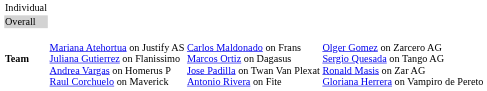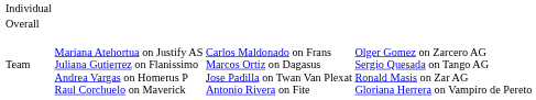 <table>
 <tr>
 <td>Individual</td>
 <td></td>
 <td></td>
 <td></td>
 </tr>
 <tr>
-<td style="background: lightgrey;">Overall</td>
+<td>Overall</td>
 <td></td>
 <td></td>
 <td></td>
 </tr>
 <tr>
-<td><strong>Team</strong></td>
+<td>Team</td>
 <td><br><a href='#'>Mariana Atehortua</a> on Justify AS<br><a href='#'>Juliana Gutierrez</a> on Flanissimo<br><a href='#'>Andrea Vargas</a> on Homerus P<br><a href='#'>Raul Corchuelo</a> on Maverick</td>
 <td><br><a href='#'>Carlos Maldonado</a> on Frans<br><a href='#'>Marcos Ortiz</a> on Dagasus<br><a href='#'>Jose Padilla</a> on Twan Van Plexat<br><a href='#'>Antonio Rivera</a> on Fite</td>
 <td><br><a href='#'>Olger Gomez</a> on Zarcero AG<br><a href='#'>Sergio Quesada</a> on Tango AG<br><a href='#'>Ronald Masis</a> on Zar AG<br><a href='#'>Gloriana Herrera</a> on Vampiro de Pereto</td>
 </tr>
 </table>
